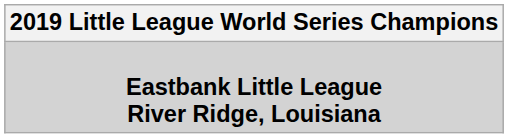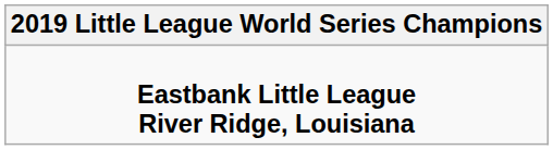 <table class="wikitable" style="text-align: center; margin: 0 auto;">
 <tr>
 <th>2019 Little League World Series Champions</th>
 </tr>
 <tr>
-<td style="background: lightgrey;"> <br><strong>Eastbank Little League</strong><br><strong> River Ridge, Louisiana</strong></td>
+<td> <br><strong>Eastbank Little League</strong><br><strong> River Ridge, Louisiana</strong></td>
 </tr>
 </table>
